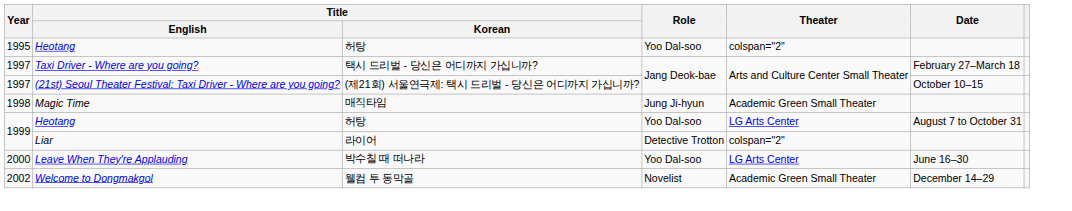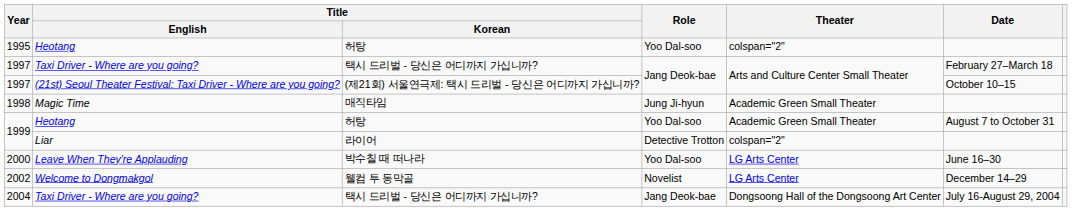 <table class="wikitable sortable plainrowheaders" style="text-align:left; font-size:100%;">
 <tr>
 <th rowspan="2" scope="col">Year</th>
 <th colspan="2" scope="col">Title</th>
 <th rowspan="2" scope="col">Role</th>
 <th rowspan="2" scope="col">Theater</th>
 <th rowspan="2" scope="col">Date</th>
 <th rowspan="2" scope="col" class="unsortable"></th>
 </tr>
 <tr>
 <th>English</th>
 <th>Korean</th>
 </tr>
 <tr>
 <td>1995</td>
 <td><em><a href='#'>Heotang</a></em></td>
 <td>허탕</td>
 <td>Yoo Dal-soo</td>
 <td>colspan="2" </td>
 <td></td>
 </tr>
 <tr>
 <td>1997</td>
 <td><em><a href='#'>Taxi Driver - Where are you going?</a></em></td>
 <td>택시 드리벌 - 당신은 어디까지 가십니까?</td>
 <td rowspan="2">Jang Deok-bae</td>
 <td rowspan="2">Arts and Culture Center Small Theater</td>
 <td>February 27–March 18</td>
 <td></td>
 </tr>
 <tr>
 <td>1997</td>
 <td><em><a href='#'>(21st) Seoul Theater Festival: Taxi Driver - Where are you going?</a></em></td>
 <td>(제21회) 서울연극제: 택시 드리벌 - 당신은 어디까지 가십니까?</td>
 <td>October 10–15</td>
 <td></td>
 </tr>
 <tr>
 <td>1998</td>
 <td><em>Magic Time</em></td>
 <td>매직타임</td>
 <td>Jung Ji-hyun</td>
 <td>Academic Green Small Theater</td>
 <td></td>
 </tr>
 <tr>
 <td rowspan="2">1999</td>
 <td><em><a href='#'>Heotang</a></em></td>
 <td>허탕</td>
 <td>Yoo Dal-soo</td>
-<td><a href='#'>LG Arts Center</a></td>
+<td>Academic Green Small Theater</td>
 <td>August 7 to October 31</td>
 <td></td>
 </tr>
 <tr>
 <td><em>Liar</em></td>
 <td>라이어</td>
 <td>Detective Trotton</td>
 <td>colspan="2" </td>
 <td></td>
 </tr>
 <tr>
 <td>2000</td>
 <td><em><a href='#'>Leave When They're Applauding</a></em></td>
 <td>박수칠 때 떠나라</td>
 <td>Yoo Dal-soo</td>
 <td><a href='#'>LG Arts Center</a></td>
 <td>June 16–30</td>
 <td></td>
 </tr>
 <tr>
 <td>2002</td>
 <td><em><a href='#'>Welcome to Dongmakgol</a></em></td>
 <td>웰컴 투 동막골</td>
 <td>Novelist</td>
-<td>Academic Green Small Theater</td>
+<td><a href='#'>LG Arts Center</a></td>
 <td>December 14–29</td>
 <td></td>
 </tr>
+<tr>
+<td>2004</td>
+<td><em><a href='#'>Taxi Driver - Where are you going?</a></em></td>
+<td>택시 드리벌 - 당신은 어디까지 가십니까?</td>
+<td>Jang Deok-bae</td>
+<td>Dongsoong Hall of the Dongsoong Art Center</td>
+<td>July 16-August 29, 2004</td>
+<td></td>
+</tr>
 </table>
